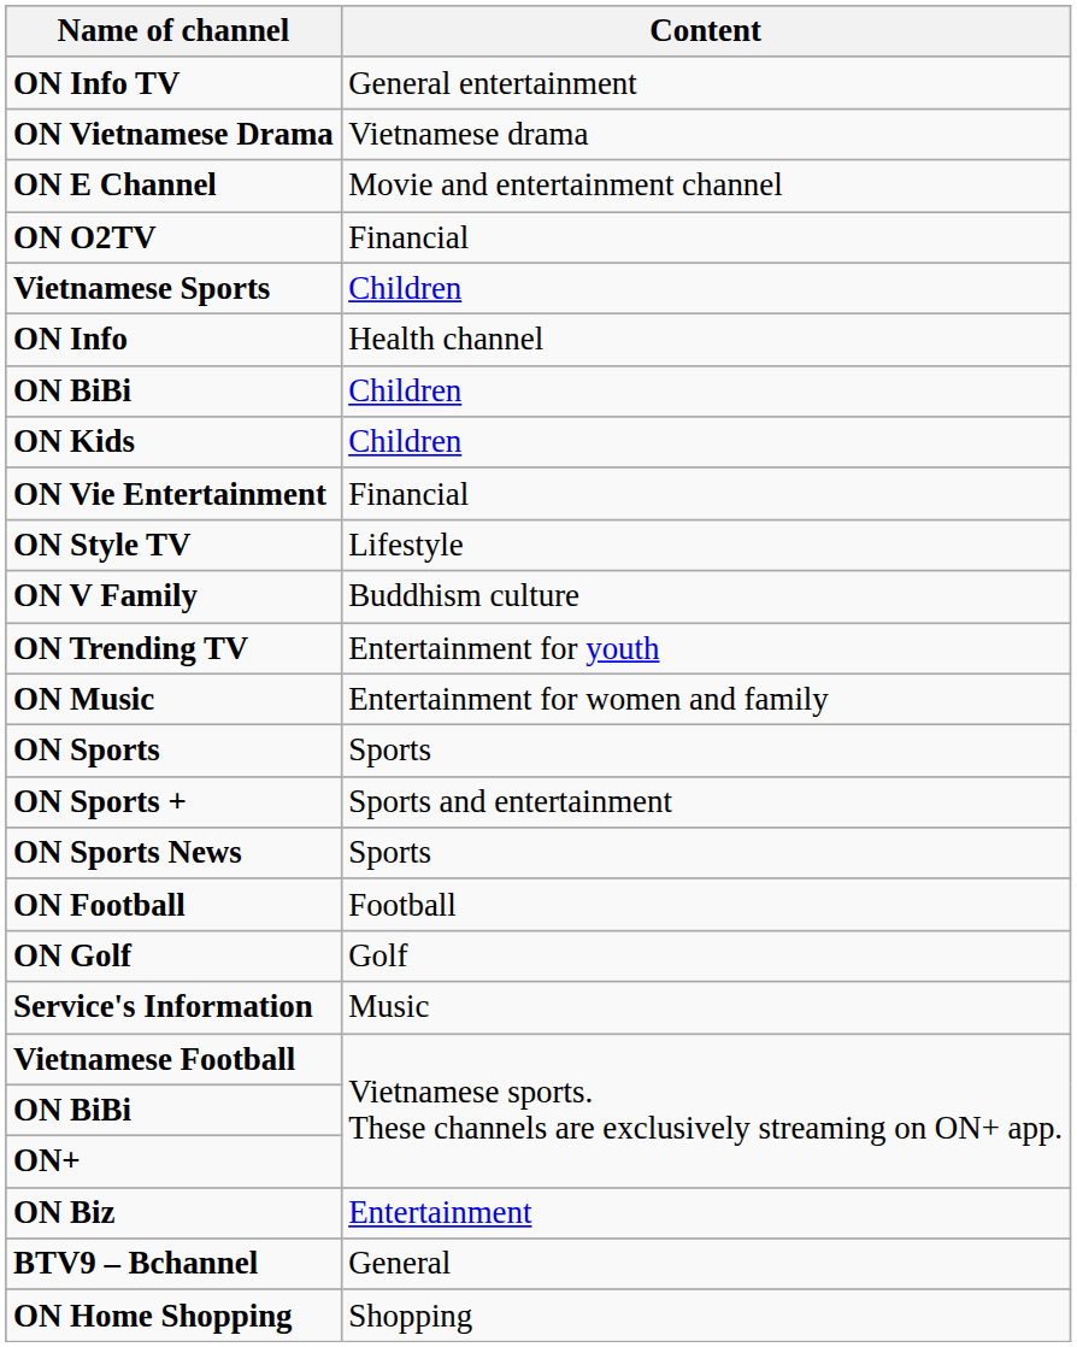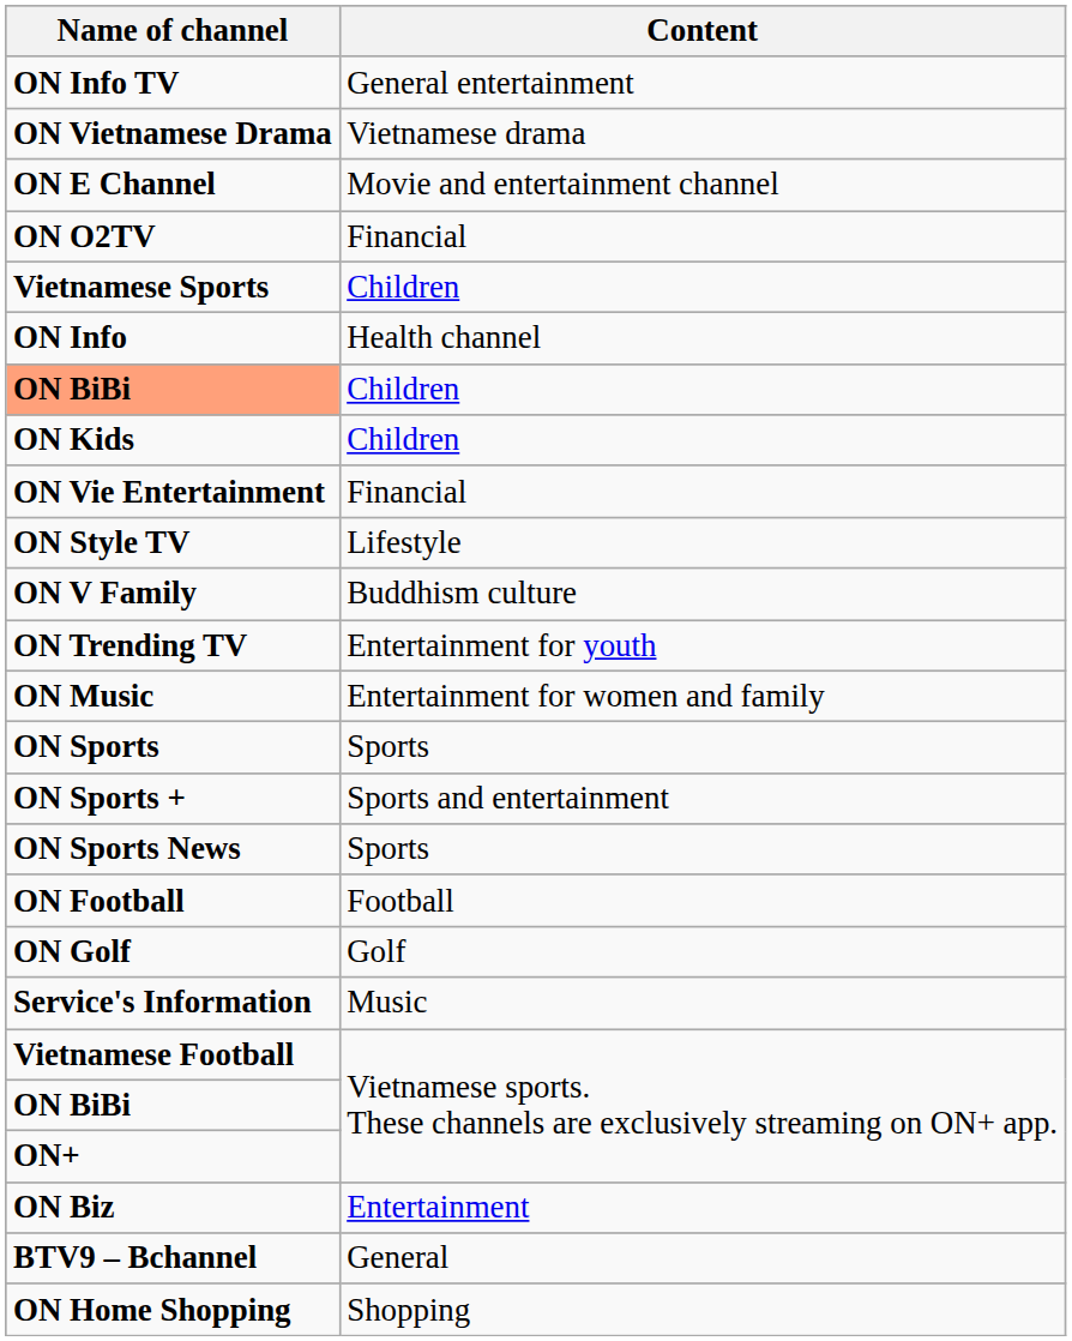 <table class="wikitable">
 <tr>
 <th>Name of channel</th>
 <th>Content</th>
 </tr>
 <tr>
 <td><strong>ON Info TV</strong></td>
 <td>General entertainment</td>
 </tr>
 <tr>
 <td><strong>ON Vietnamese Drama</strong></td>
 <td>Vietnamese drama</td>
 </tr>
 <tr>
 <td><strong>ON E Channel</strong></td>
 <td>Movie and entertainment channel</td>
 </tr>
 <tr>
 <td><strong>ON O2TV</strong></td>
 <td>Financial</td>
 </tr>
 <tr>
 <td><strong>Vietnamese Sports</strong></td>
 <td><a href='#'>Children</a></td>
 </tr>
 <tr>
 <td><strong>ON Info</strong></td>
 <td>Health channel</td>
 </tr>
 <tr>
-<td><strong>ON BiBi</strong></td>
+<td style="background: lightsalmon;"><strong>ON BiBi</strong></td>
 <td><a href='#'>Children</a></td>
 </tr>
 <tr>
 <td><strong>ON Kids</strong></td>
 <td><a href='#'>Children</a></td>
 </tr>
 <tr>
 <td><strong>ON Vie Entertainment</strong></td>
 <td>Financial</td>
 </tr>
 <tr>
 <td><strong>ON Style TV</strong></td>
 <td>Lifestyle</td>
 </tr>
 <tr>
 <td><strong>ON V Family</strong></td>
 <td>Buddhism culture</td>
 </tr>
 <tr>
 <td><strong>ON Trending TV</strong></td>
 <td>Entertainment for <a href='#'>youth</a></td>
 </tr>
 <tr>
 <td><strong>ON Music</strong></td>
 <td>Entertainment for women and family</td>
 </tr>
 <tr>
 <td><strong>ON Sports</strong></td>
 <td>Sports</td>
 </tr>
 <tr>
 <td><strong>ON Sports +</strong></td>
 <td>Sports and entertainment</td>
 </tr>
 <tr>
 <td><strong>ON Sports News</strong></td>
 <td>Sports</td>
 </tr>
 <tr>
 <td><strong>ON Football</strong></td>
 <td>Football</td>
 </tr>
 <tr>
 <td><strong>ON Golf</strong></td>
 <td>Golf</td>
 </tr>
 <tr>
 <td><strong>Service's Information</strong></td>
 <td>Music</td>
 </tr>
 <tr>
 <td><strong>Vietnamese Football</strong></td>
 <td rowspan="3">Vietnamese sports.<br>These channels are exclusively streaming on ON+ app.</td>
 </tr>
 <tr>
 <td><strong>ON BiBi</strong></td>
 </tr>
 <tr>
 <td><strong>ON+</strong></td>
 </tr>
 <tr>
 <td><strong>ON Biz</strong></td>
 <td><a href='#'>Entertainment</a></td>
 </tr>
 <tr>
 <td><strong>BTV9 – Bchannel</strong></td>
 <td>General</td>
 </tr>
 <tr>
 <td><strong>ON Home Shopping</strong></td>
 <td>Shopping</td>
 </tr>
 </table>
